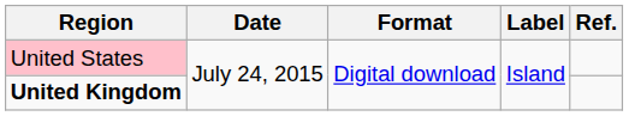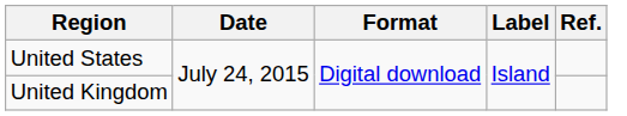 <table class=wikitable>
 <tr>
 <th>Region</th>
 <th>Date</th>
 <th>Format</th>
 <th>Label</th>
 <th>Ref.</th>
 </tr>
 <tr>
-<td style="background: pink;">United States</td>
+<td>United States</td>
 <td rowspan="2">July 24, 2015</td>
 <td rowspan="2"><a href='#'>Digital download</a></td>
 <td rowspan="2"><a href='#'>Island</a></td>
 <td></td>
 </tr>
 <tr>
-<td><strong>United Kingdom</strong></td>
+<td>United Kingdom</td>
 <td></td>
 </tr>
 </table>
